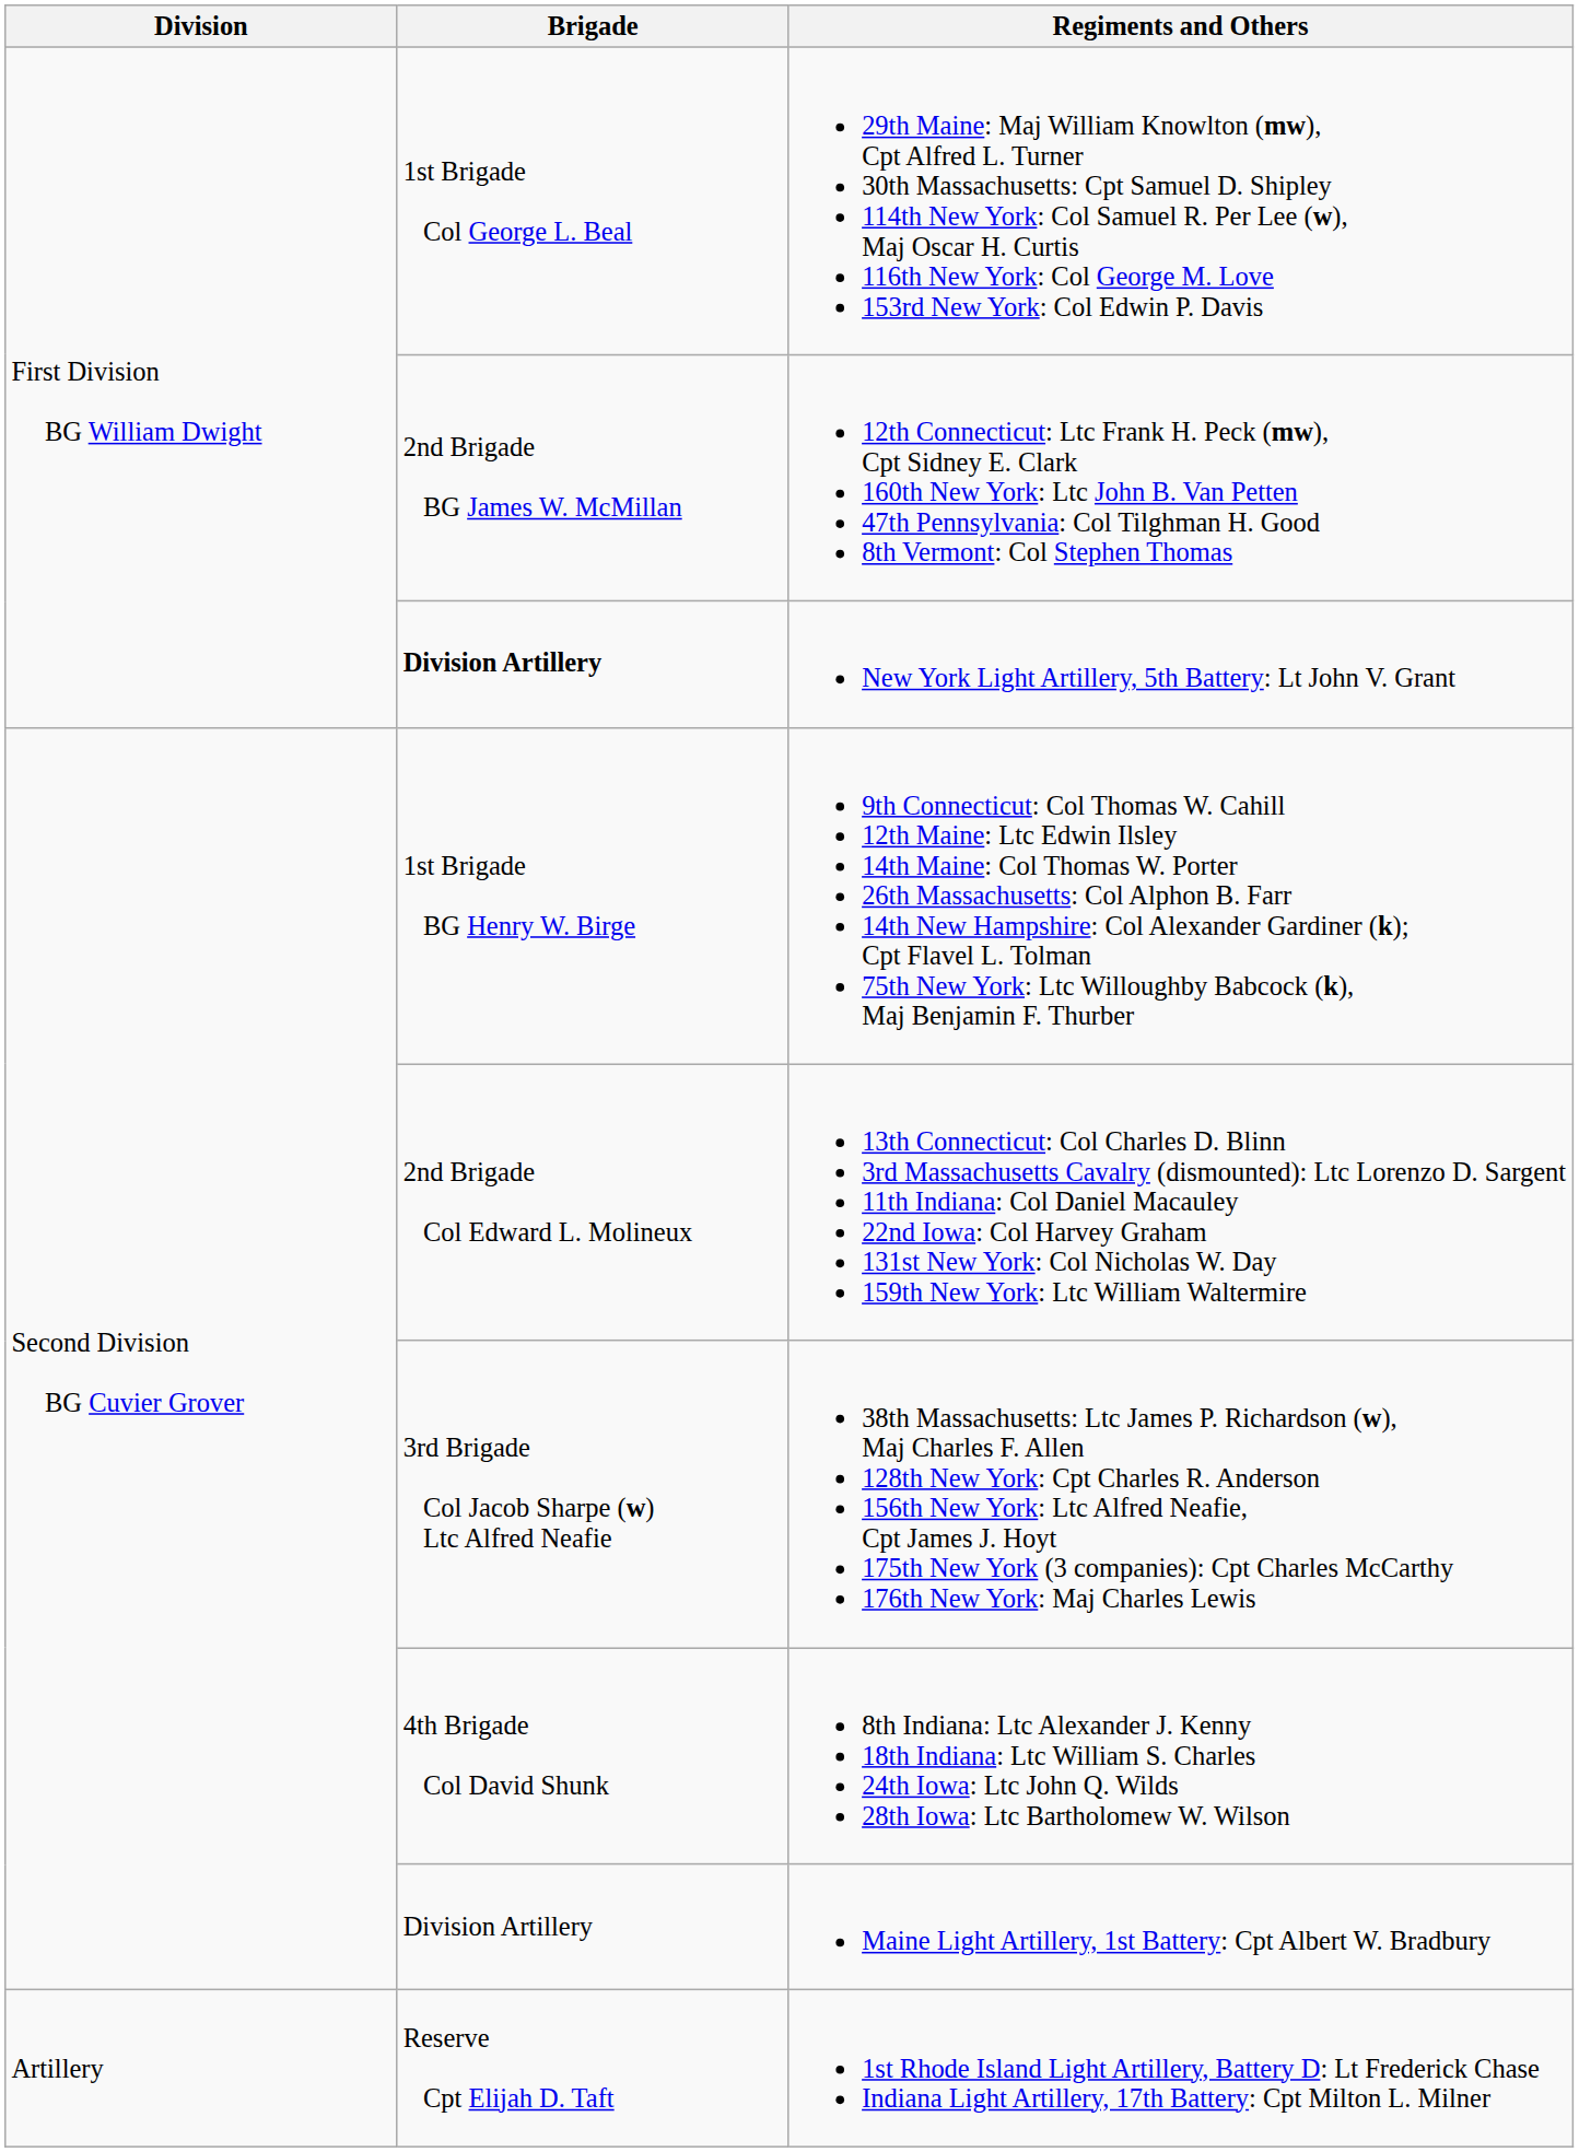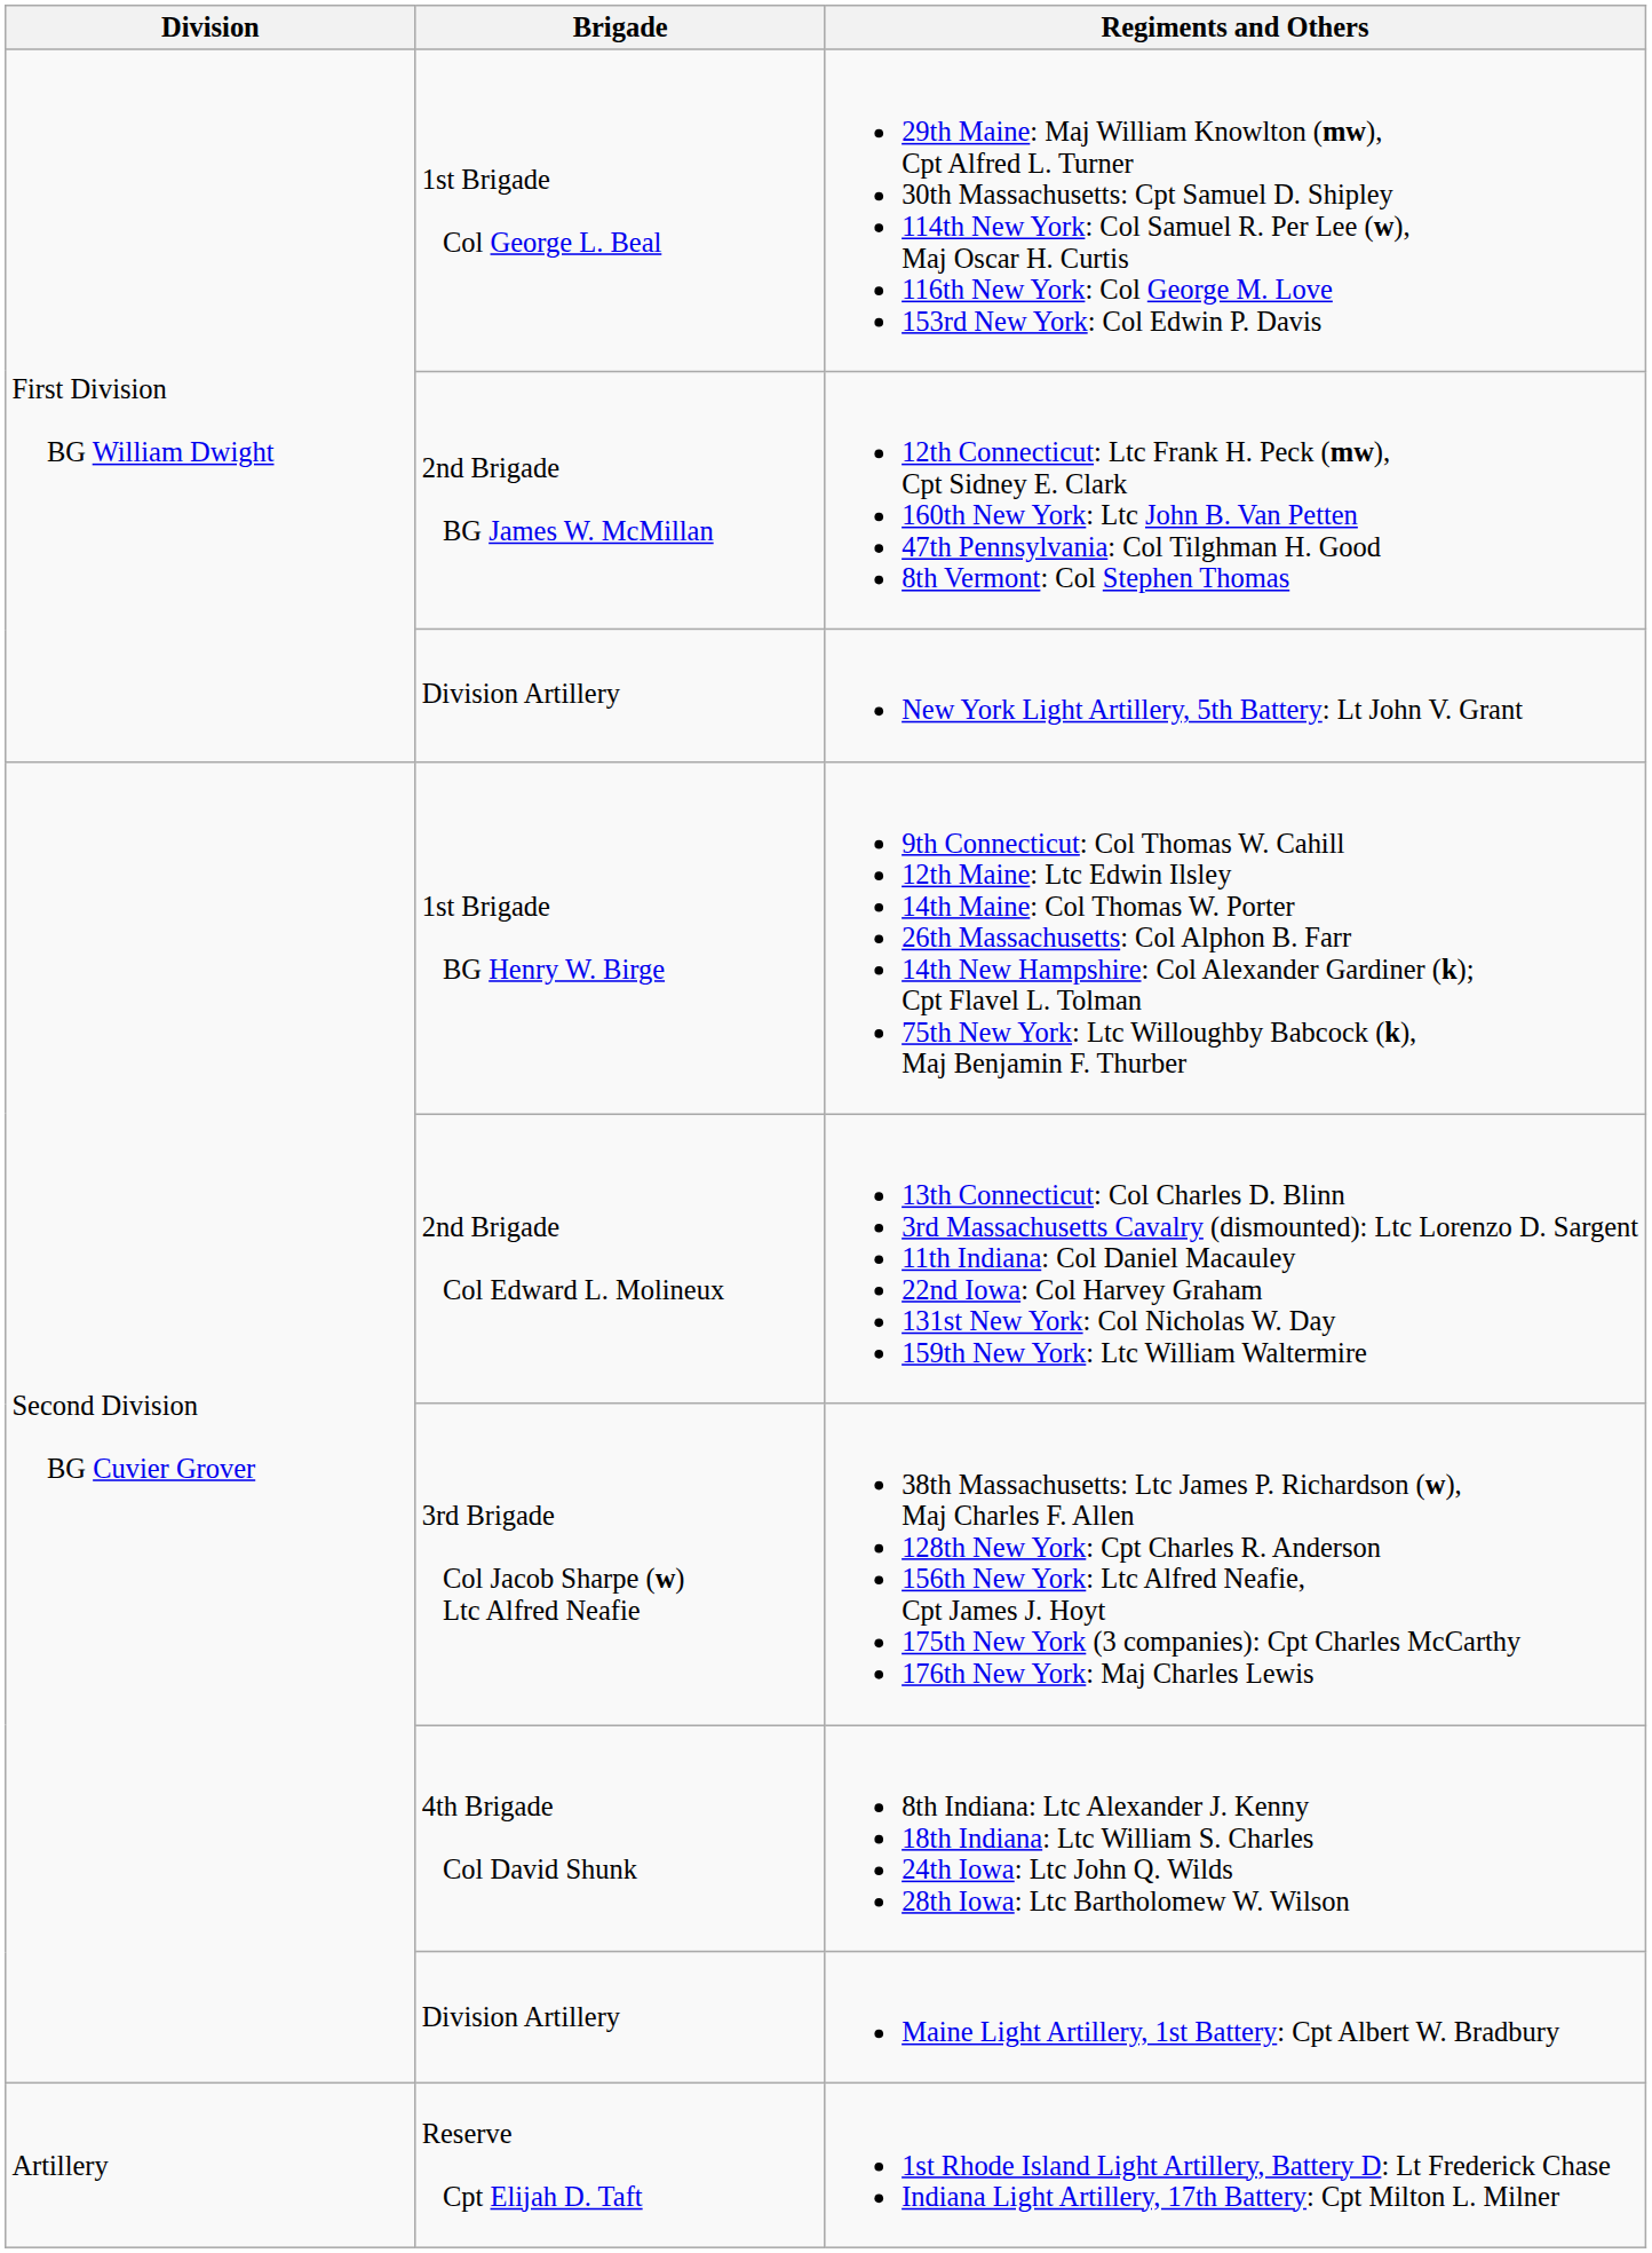 <table class="wikitable">
 <tr>
 <th width=25%>Division</th>
 <th width=25%>Brigade</th>
 <th>Regiments and Others</th>
 </tr>
 <tr>
 <td rowspan=3><br>First Division<br><br>     BG <a href='#'>William Dwight</a></td>
 <td>1st Brigade<br><br>   Col <a href='#'>George L. Beal</a></td>
 <td><br><ul><li><a href='#'>29th Maine</a>: Maj William Knowlton (<strong>mw</strong>),<br>Cpt Alfred L. Turner</li><li>30th Massachusetts: Cpt Samuel D. Shipley</li><li><a href='#'>114th New York</a>: Col Samuel R. Per Lee (<strong>w</strong>),<br> Maj Oscar H. Curtis</li><li><a href='#'>116th New York</a>: Col <a href='#'>George M. Love</a></li><li><a href='#'>153rd New York</a>: Col Edwin P. Davis</li></ul></td>
 </tr>
 <tr>
 <td>2nd Brigade<br><br>   BG <a href='#'>James W. McMillan</a></td>
 <td><br><ul><li><a href='#'>12th Connecticut</a>: Ltc Frank H. Peck (<strong>mw</strong>),<br> Cpt Sidney E. Clark</li><li><a href='#'>160th New York</a>: Ltc <a href='#'>John B. Van Petten</a></li><li><a href='#'>47th Pennsylvania</a>: Col Tilghman H. Good</li><li><a href='#'>8th Vermont</a>: Col <a href='#'>Stephen Thomas</a></li></ul></td>
 </tr>
 <tr>
-<td><strong>Division Artillery</strong></td>
+<td>Division Artillery</td>
 <td><br><ul><li><a href='#'>New York Light Artillery, 5th Battery</a>: Lt John V. Grant</li></ul></td>
 </tr>
 <tr>
 <td rowspan=5><br>Second Division<br><br>     BG <a href='#'>Cuvier Grover</a></td>
 <td>1st Brigade<br><br>   BG <a href='#'>Henry W. Birge</a></td>
 <td><br><ul><li><a href='#'>9th Connecticut</a>: Col Thomas W. Cahill</li><li><a href='#'>12th Maine</a>: Ltc Edwin Ilsley</li><li><a href='#'>14th Maine</a>: Col Thomas W. Porter</li><li><a href='#'>26th Massachusetts</a>: Col Alphon B. Farr</li><li><a href='#'>14th New Hampshire</a>: Col Alexander Gardiner (<strong>k</strong>);<br>Cpt Flavel L. Tolman</li><li><a href='#'>75th New York</a>: Ltc Willoughby Babcock (<strong>k</strong>),<br>Maj Benjamin F. Thurber</li></ul></td>
 </tr>
 <tr>
 <td>2nd Brigade<br><br>   Col Edward L. Molineux</td>
 <td><br><ul><li><a href='#'>13th Connecticut</a>: Col Charles D. Blinn</li><li><a href='#'>3rd Massachusetts Cavalry</a> (dismounted): Ltc Lorenzo D. Sargent</li><li><a href='#'>11th Indiana</a>: Col Daniel Macauley</li><li><a href='#'>22nd Iowa</a>: Col Harvey Graham</li><li><a href='#'>131st New York</a>: Col Nicholas W. Day</li><li><a href='#'>159th New York</a>: Ltc William Waltermire</li></ul></td>
 </tr>
 <tr>
 <td>3rd Brigade<br><br>   Col Jacob Sharpe (<strong>w</strong>) <br>   Ltc Alfred Neafie</td>
 <td><br><ul><li>38th Massachusetts: Ltc James P. Richardson (<strong>w</strong>),<br>Maj Charles F. Allen</li><li><a href='#'>128th New York</a>: Cpt Charles R. Anderson</li><li><a href='#'>156th New York</a>: Ltc Alfred Neafie,<br>Cpt James J. Hoyt</li><li><a href='#'>175th New York</a> (3 companies): Cpt Charles McCarthy</li><li><a href='#'>176th New York</a>: Maj Charles Lewis</li></ul></td>
 </tr>
 <tr>
 <td>4th Brigade<br><br>   Col David Shunk</td>
 <td><br><ul><li>8th Indiana: Ltc Alexander J. Kenny</li><li><a href='#'>18th Indiana</a>: Ltc William S. Charles</li><li><a href='#'>24th Iowa</a>: Ltc John Q. Wilds</li><li><a href='#'>28th Iowa</a>: Ltc Bartholomew W. Wilson</li></ul></td>
 </tr>
 <tr>
 <td>Division Artillery</td>
 <td><br><ul><li><a href='#'>Maine Light Artillery, 1st Battery</a>: Cpt Albert W. Bradbury</li></ul></td>
 </tr>
 <tr>
 <td>Artillery</td>
 <td>Reserve<br><br>   Cpt <a href='#'>Elijah D. Taft</a></td>
 <td><br><ul><li><a href='#'>1st Rhode Island Light Artillery, Battery D</a>: Lt Frederick Chase</li><li><a href='#'>Indiana Light Artillery, 17th Battery</a>: Cpt Milton L. Milner</li></ul></td>
 </tr>
 </table>
